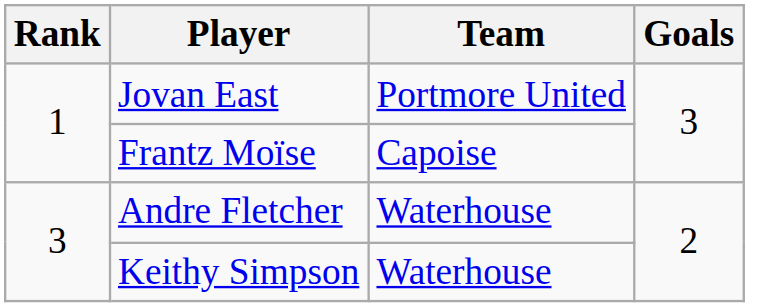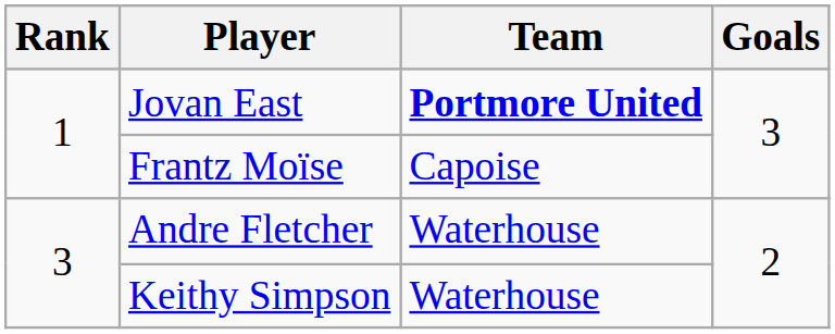 <table class="wikitable">
 <tr>
 <th>Rank</th>
 <th>Player</th>
 <th>Team</th>
 <th>Goals</th>
 </tr>
 <tr>
 <td align=center rowspan=2>1</td>
 <td> <a href='#'>Jovan East</a></td>
-<td> <a href='#'>Portmore United</a></td>
+<td><strong> <a href='#'>Portmore United</a></strong></td>
 <td align=center rowspan=2>3</td>
 </tr>
 <tr>
 <td> <a href='#'>Frantz Moïse</a></td>
 <td> <a href='#'>Capoise</a></td>
 </tr>
 <tr>
 <td align=center rowspan=2>3</td>
 <td> <a href='#'>Andre Fletcher</a></td>
 <td> <a href='#'>Waterhouse</a></td>
 <td align=center rowspan=2>2</td>
 </tr>
 <tr>
 <td> <a href='#'>Keithy Simpson</a></td>
 <td> <a href='#'>Waterhouse</a></td>
 </tr>
 </table>
